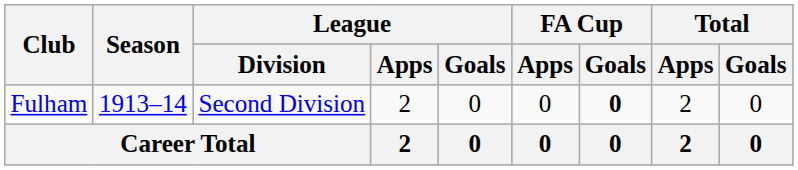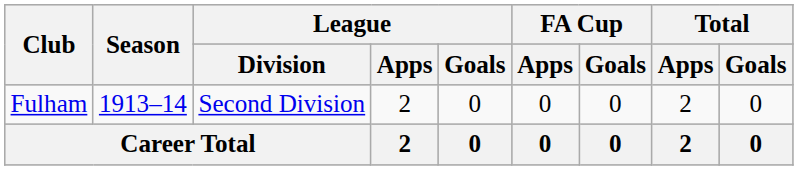 <table class="wikitable" style="text-align: center;">
 <tr>
 <th rowspan="2">Club</th>
 <th rowspan="2">Season</th>
 <th colspan="3">League</th>
 <th colspan="2">FA Cup</th>
 <th colspan="2">Total</th>
 </tr>
 <tr>
 <th>Division</th>
 <th>Apps</th>
 <th>Goals</th>
 <th>Apps</th>
 <th>Goals</th>
 <th>Apps</th>
 <th>Goals</th>
 </tr>
 <tr>
 <td><a href='#'>Fulham</a></td>
 <td><a href='#'>1913–14</a></td>
 <td><a href='#'>Second Division</a></td>
 <td>2</td>
 <td>0</td>
 <td>0</td>
-<td><strong>0</strong></td>
+<td>0</td>
 <td>2</td>
 <td>0</td>
 </tr>
 <tr>
 <th colspan="3">Career Total</th>
 <th>2</th>
 <th>0</th>
 <th>0</th>
 <th>0</th>
 <th>2</th>
 <th>0</th>
 </tr>
 </table>
